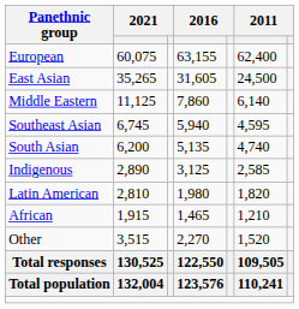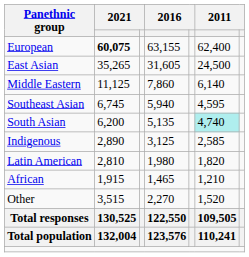 <table class="wikitable collapsible sortable">
 <tr>
 <th rowspan="2"><a href='#'>Panethnic</a><br>group</th>
 <th colspan="2">2021</th>
 <th colspan="2">2016</th>
 <th colspan="2">2011</th>
 </tr>
 <tr>
 <th><a href='#'></a></th>
 <th></th>
 <th></th>
 <th></th>
 <th></th>
 <th></th>
 </tr>
 <tr>
 <td><a href='#'>European</a></td>
-<td>60,075</td>
+<td><strong>60,075</strong></td>
 <td></td>
 <td>63,155</td>
 <td></td>
 <td>62,400</td>
 <td></td>
 </tr>
 <tr>
 <td><a href='#'>East Asian</a></td>
 <td>35,265</td>
 <td></td>
 <td>31,605</td>
 <td></td>
 <td>24,500</td>
 <td></td>
 </tr>
 <tr>
 <td><a href='#'>Middle Eastern</a></td>
 <td>11,125</td>
 <td></td>
 <td>7,860</td>
 <td></td>
 <td>6,140</td>
 <td></td>
 </tr>
 <tr>
 <td><a href='#'>Southeast Asian</a></td>
 <td>6,745</td>
 <td></td>
 <td>5,940</td>
 <td></td>
 <td>4,595</td>
 <td></td>
 </tr>
 <tr>
 <td><a href='#'>South Asian</a></td>
 <td>6,200</td>
 <td></td>
 <td>5,135</td>
 <td></td>
-<td>4,740</td>
+<td style="background: paleturquoise;">4,740</td>
 <td></td>
 </tr>
 <tr>
 <td><a href='#'>Indigenous</a></td>
 <td>2,890</td>
 <td></td>
 <td>3,125</td>
 <td></td>
 <td>2,585</td>
 <td></td>
 </tr>
 <tr>
 <td><a href='#'>Latin American</a></td>
 <td>2,810</td>
 <td></td>
 <td>1,980</td>
 <td></td>
 <td>1,820</td>
 <td></td>
 </tr>
 <tr>
 <td><a href='#'>African</a></td>
 <td>1,915</td>
 <td></td>
 <td>1,465</td>
 <td></td>
 <td>1,210</td>
 <td></td>
 </tr>
 <tr>
 <td>Other</td>
 <td>3,515</td>
 <td></td>
 <td>2,270</td>
 <td></td>
 <td>1,520</td>
 <td></td>
 </tr>
 <tr>
 <th>Total responses</th>
 <th>130,525</th>
 <th></th>
 <th>122,550</th>
 <th></th>
 <th>109,505</th>
 <th></th>
 </tr>
 <tr>
 <th>Total population</th>
 <th>132,004</th>
 <th></th>
 <th>123,576</th>
 <th></th>
 <th>110,241</th>
 <th></th>
 </tr>
 <tr class="sortbottom">
 <td colspan="15"></td>
 </tr>
 </table>
